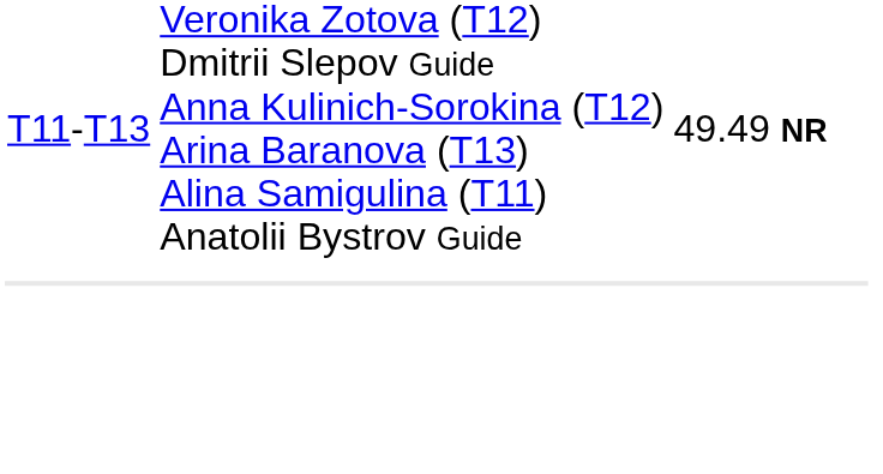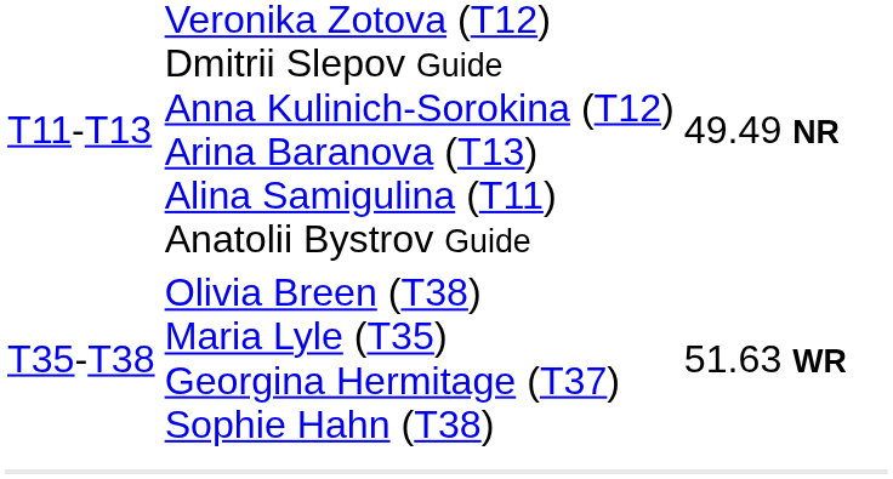 <table>
 <tr>
 <td><a href='#'>T11</a>-<a href='#'>T13</a></td>
 <td><a href='#'>Veronika Zotova</a> (<a href='#'>T12</a>)<br>Dmitrii Slepov <small>Guide</small><br><a href='#'>Anna Kulinich-Sorokina</a> (<a href='#'>T12</a>)<br><a href='#'>Arina Baranova</a> (<a href='#'>T13</a>)<br><a href='#'>Alina Samigulina</a> (<a href='#'>T11</a>)<br>Anatolii Bystrov <small>Guide</small><br></td>
 <td>49.49 <small><strong>NR</strong></small></td>
+<td></td>
+<td></td>
+<td></td>
+<td></td>
+</tr>
+<tr>
+<td><a href='#'>T35</a>-<a href='#'>T38</a></td>
+<td><a href='#'>Olivia Breen</a> (<a href='#'>T38</a>)<br><a href='#'>Maria Lyle</a> (<a href='#'>T35</a>)<br><a href='#'>Georgina Hermitage</a> (<a href='#'>T37</a>)<br><a href='#'>Sophie Hahn</a> (<a href='#'>T38</a>)<br></td>
+<td>51.63 <small><strong>WR</strong></small></td>
 <td></td>
 <td></td>
 <td></td>
 <td></td>
 </tr>
 <tr>
 <td colspan=7></td>
 </tr>
 <tr>
 </tr>
 <tr bgcolor= e8e8e8>
 <td colspan=7></td>
 </tr>
 </table>
